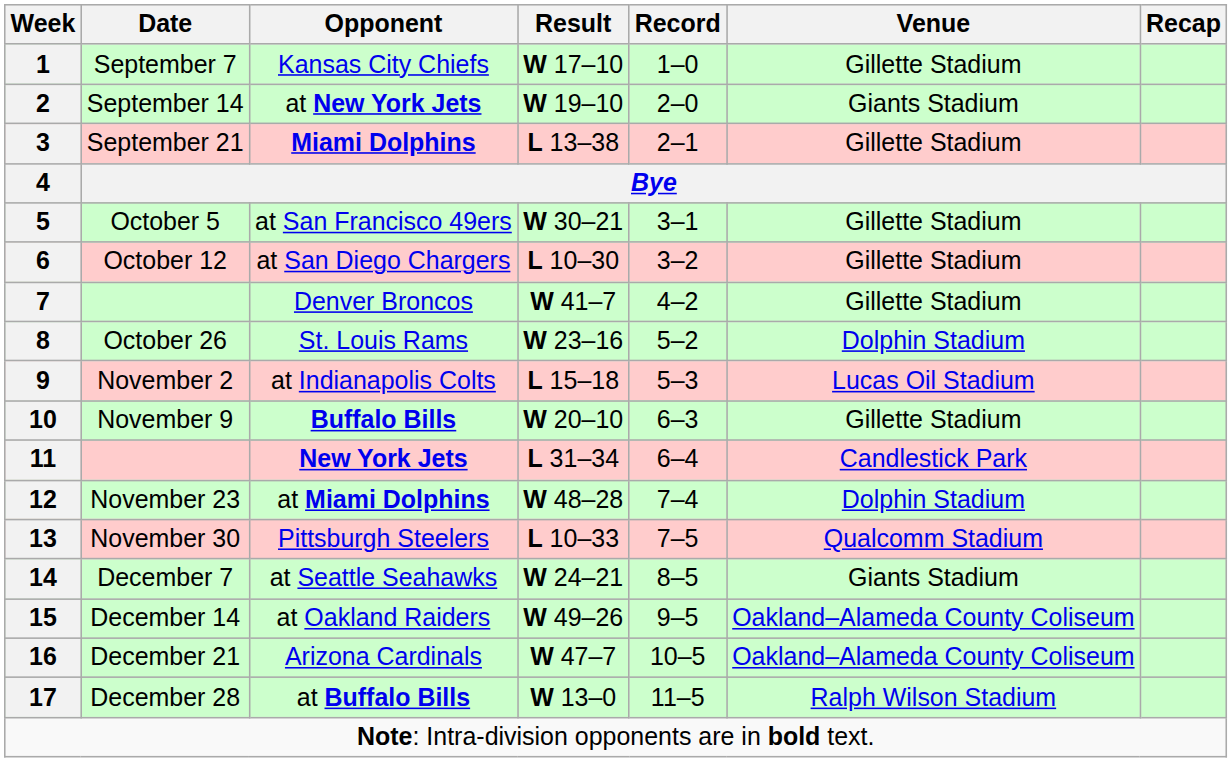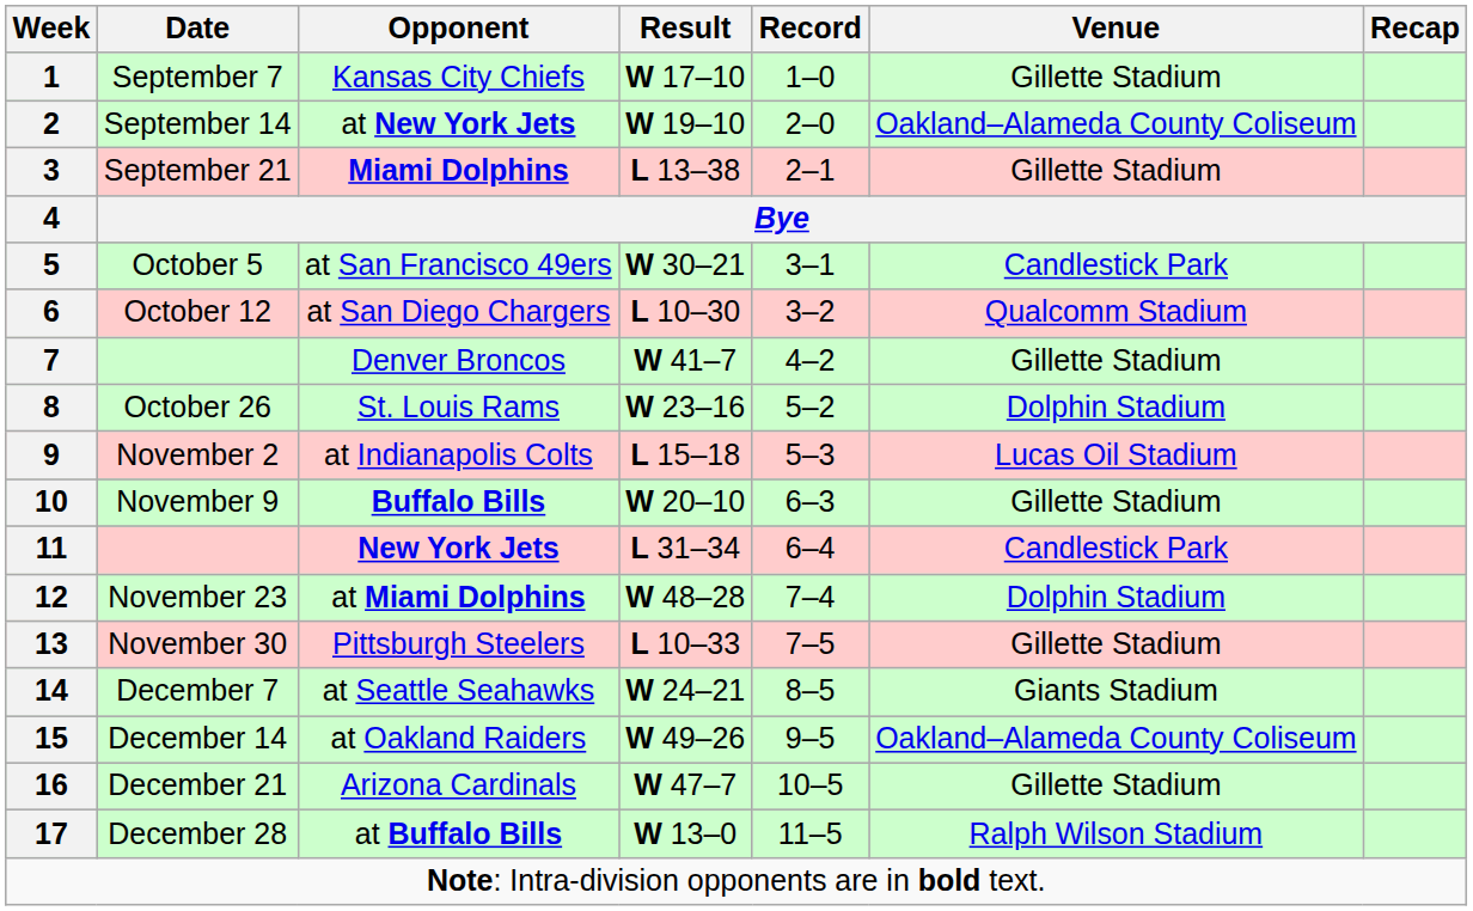 <table class="wikitable" style="text-align:center">
 <tr>
 <th>Week</th>
 <th>Date</th>
 <th>Opponent</th>
 <th>Result</th>
 <th>Record</th>
 <th>Venue</th>
 <th>Recap</th>
 </tr>
 <tr style="background: #cfc;">
 <th>1</th>
 <td>September 7</td>
 <td><a href='#'>Kansas City Chiefs</a></td>
 <td><strong>W</strong> 17–10</td>
 <td>1–0</td>
 <td>Gillette Stadium</td>
 <td></td>
 </tr>
 <tr style="background: #cfc;">
 <th>2</th>
 <td>September 14</td>
 <td>at <strong><a href='#'>New York Jets</a></strong></td>
 <td><strong>W</strong> 19–10</td>
 <td>2–0</td>
-<td>Giants Stadium</td>
+<td><a href='#'>Oakland–Alameda County Coliseum</a></td>
 <td></td>
 </tr>
 <tr style="background: #fcc;">
 <th>3</th>
 <td>September 21</td>
 <td><strong><a href='#'>Miami Dolphins</a></strong></td>
 <td><strong>L</strong> 13–38</td>
 <td>2–1</td>
 <td>Gillette Stadium</td>
 <td></td>
 </tr>
 <tr>
 <th>4</th>
 <th colspan="8"><em><a href='#'>Bye</a></em></th>
 </tr>
 <tr style="background: #cfc;">
 <th>5</th>
 <td>October 5</td>
 <td>at <a href='#'>San Francisco 49ers</a></td>
 <td><strong>W</strong> 30–21</td>
 <td>3–1</td>
-<td>Gillette Stadium</td>
+<td><a href='#'>Candlestick Park</a></td>
 <td></td>
 </tr>
 <tr style="background: #fcc;">
 <th>6</th>
 <td>October 12</td>
 <td>at <a href='#'>San Diego Chargers</a></td>
 <td><strong>L</strong> 10–30</td>
 <td>3–2</td>
-<td>Gillette Stadium</td>
+<td><a href='#'>Qualcomm Stadium</a></td>
 <td></td>
 </tr>
 <tr style="background: #cfc;">
 <th>7</th>
 <td></td>
 <td><a href='#'>Denver Broncos</a></td>
 <td><strong>W</strong> 41–7</td>
 <td>4–2</td>
 <td>Gillette Stadium</td>
 <td></td>
 </tr>
 <tr style="background: #cfc;">
 <th>8</th>
 <td>October 26</td>
 <td><a href='#'>St. Louis Rams</a></td>
 <td><strong>W</strong> 23–16</td>
 <td>5–2</td>
 <td><a href='#'>Dolphin Stadium</a></td>
 <td></td>
 </tr>
 <tr style="background: #fcc;">
 <th>9</th>
 <td>November 2</td>
 <td>at <a href='#'>Indianapolis Colts</a></td>
 <td><strong>L</strong> 15–18</td>
 <td>5–3</td>
 <td><a href='#'>Lucas Oil Stadium</a></td>
 <td></td>
 </tr>
 <tr style="background: #cfc;">
 <th>10</th>
 <td>November 9</td>
 <td><strong><a href='#'>Buffalo Bills</a></strong></td>
 <td><strong>W</strong> 20–10</td>
 <td>6–3</td>
 <td>Gillette Stadium</td>
 <td></td>
 </tr>
 <tr style="background: #fcc;">
 <th>11</th>
 <td></td>
 <td><strong><a href='#'>New York Jets</a></strong></td>
 <td><strong>L</strong> 31–34 </td>
 <td>6–4</td>
 <td><a href='#'>Candlestick Park</a></td>
 <td></td>
 </tr>
 <tr style="background: #cfc;">
 <th>12</th>
 <td>November 23</td>
 <td>at <strong><a href='#'>Miami Dolphins</a></strong></td>
 <td><strong>W</strong> 48–28</td>
 <td>7–4</td>
 <td><a href='#'>Dolphin Stadium</a></td>
 <td></td>
 </tr>
 <tr style="background: #fcc;">
 <th>13</th>
 <td>November 30</td>
 <td><a href='#'>Pittsburgh Steelers</a></td>
 <td><strong>L</strong> 10–33</td>
 <td>7–5</td>
-<td><a href='#'>Qualcomm Stadium</a></td>
+<td>Gillette Stadium</td>
 <td></td>
 </tr>
 <tr style="background: #cfc;">
 <th>14</th>
 <td>December 7</td>
 <td>at <a href='#'>Seattle Seahawks</a></td>
 <td><strong>W</strong> 24–21</td>
 <td>8–5</td>
 <td>Giants Stadium</td>
 <td></td>
 </tr>
 <tr style="background: #cfc;">
 <th>15</th>
 <td>December 14</td>
 <td>at <a href='#'>Oakland Raiders</a></td>
 <td><strong>W</strong> 49–26</td>
 <td>9–5</td>
 <td><a href='#'>Oakland–Alameda County Coliseum</a></td>
 <td></td>
 </tr>
 <tr style="background: #cfc;">
 <th>16</th>
 <td>December 21</td>
 <td><a href='#'>Arizona Cardinals</a></td>
 <td><strong>W</strong> 47–7</td>
 <td>10–5</td>
-<td><a href='#'>Oakland–Alameda County Coliseum</a></td>
+<td>Gillette Stadium</td>
 <td></td>
 </tr>
 <tr style="background: #cfc;">
 <th>17</th>
 <td>December 28</td>
 <td>at <strong><a href='#'>Buffalo Bills</a></strong></td>
 <td><strong>W</strong> 13–0</td>
 <td>11–5</td>
 <td><a href='#'>Ralph Wilson Stadium</a></td>
 <td></td>
 </tr>
 <tr align="center">
 <td colspan="9" align="center"><strong>Note</strong>: Intra-division opponents are in <strong>bold</strong> text.</td>
 </tr>
 </table>
